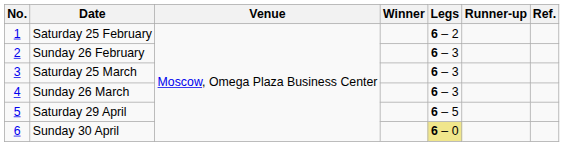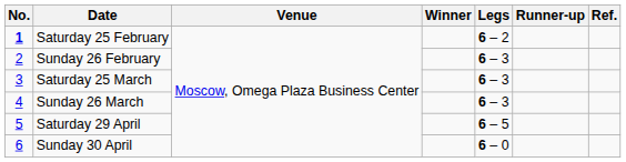 <table class="wikitable">
 <tr>
 <th>No.</th>
 <th>Date</th>
 <th>Venue</th>
 <th>Winner</th>
 <th>Legs</th>
 <th>Runner-up</th>
 <th>Ref.</th>
 </tr>
 <tr>
-<td align=center><a href='#'>1</a></td>
+<td align=center><strong><a href='#'>1</a></strong></td>
 <td>Saturday 25 February</td>
 <td rowspan=6> <a href='#'>Moscow</a>, Omega Plaza Business Center</td>
 <td align=right></td>
 <td align=center><strong>6</strong> – 2</td>
 <td></td>
 <td align=center></td>
 </tr>
 <tr>
 <td align=center><a href='#'>2</a></td>
 <td>Sunday 26 February</td>
 <td align=right></td>
 <td align=center><strong>6</strong> – 3</td>
 <td></td>
 <td align=center></td>
 </tr>
 <tr>
 <td align=center><a href='#'>3</a></td>
 <td>Saturday 25 March</td>
 <td align=right></td>
 <td align=center><strong>6</strong> – 3</td>
 <td></td>
 <td align=center></td>
 </tr>
 <tr>
 <td align=center><a href='#'>4</a></td>
 <td>Sunday 26 March</td>
 <td align=right></td>
 <td align=center><strong>6</strong> – 3</td>
 <td></td>
 <td align=center></td>
 </tr>
 <tr>
 <td align=center><a href='#'>5</a></td>
 <td>Saturday 29 April</td>
 <td align=right></td>
 <td align=center><strong>6</strong> – 5</td>
 <td></td>
 <td align=center></td>
 </tr>
 <tr>
 <td align=center><a href='#'>6</a></td>
 <td>Sunday 30 April</td>
 <td align=right></td>
-<td align=center style="background: khaki;"><strong>6</strong> – 0</td>
+<td align=center><strong>6</strong> – 0</td>
 <td></td>
 <td align=center></td>
 </tr>
 </table>
